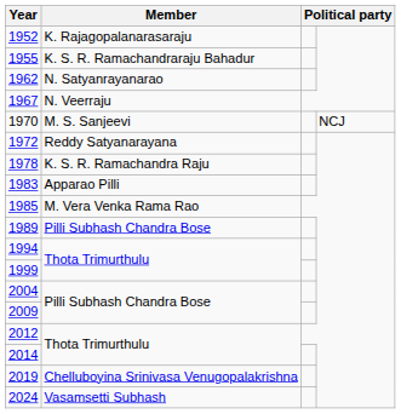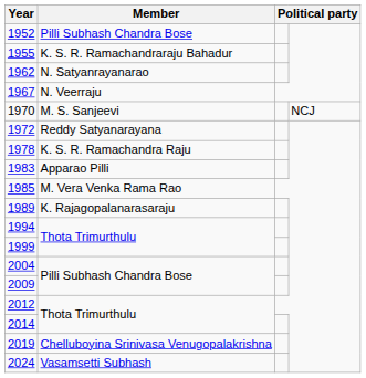 <table class="wikitable sortable">
 <tr>
 <th>Year</th>
 <th>Member</th>
 <th colspan="2">Political party</th>
 </tr>
 <tr>
 <td><a href='#'>1952</a></td>
-<td>K. Rajagopalanarasaraju</td>
+<td><a href='#'>Pilli Subhash Chandra Bose</a></td>
 <td></td>
 </tr>
 <tr>
 <td><a href='#'>1955</a></td>
 <td>K. S. R. Ramachandraraju Bahadur</td>
 <td></td>
 </tr>
 <tr>
 <td><a href='#'>1962</a></td>
 <td>N. Satyanrayanarao</td>
 <td></td>
 </tr>
 <tr>
 <td><a href='#'>1967</a></td>
 <td>N. Veerraju</td>
 </tr>
 <tr>
 <td>1970</td>
 <td>M. S. Sanjeevi</td>
 <td style="background-color: "></td>
 <td>NCJ</td>
 </tr>
 <tr>
 <td><a href='#'>1972</a></td>
 <td>Reddy Satyanarayana</td>
 <td></td>
 </tr>
 <tr>
 <td><a href='#'>1978</a></td>
 <td>K. S. R. Ramachandra Raju</td>
 <td></td>
 </tr>
 <tr>
 <td><a href='#'>1983</a></td>
 <td>Apparao Pilli</td>
 <td></td>
 </tr>
 <tr>
 <td><a href='#'>1985</a></td>
 <td>M. Vera Venka Rama Rao</td>
 </tr>
 <tr>
 <td><a href='#'>1989</a></td>
-<td><a href='#'>Pilli Subhash Chandra Bose</a></td>
+<td>K. Rajagopalanarasaraju</td>
 <td></td>
 </tr>
 <tr>
 <td><a href='#'>1994</a></td>
 <td rowspan=2><a href='#'>Thota Trimurthulu</a></td>
 <td></td>
 </tr>
 <tr>
 <td><a href='#'>1999</a></td>
 <td></td>
 </tr>
 <tr>
 <td><a href='#'>2004</a></td>
 <td rowspan=2>Pilli Subhash Chandra Bose</td>
 <td></td>
 </tr>
 <tr>
 <td><a href='#'>2009</a></td>
 <td></td>
 </tr>
 <tr>
 <td><a href='#'>2012</a></td>
 <td rowspan=2>Thota Trimurthulu</td>
 </tr>
 <tr>
 <td><a href='#'>2014</a></td>
 <td></td>
 </tr>
 <tr>
 <td><a href='#'>2019</a></td>
 <td><a href='#'>Chelluboyina Srinivasa Venugopalakrishna</a></td>
 <td></td>
 </tr>
 <tr>
 <td><a href='#'>2024</a></td>
 <td><a href='#'>Vasamsetti Subhash</a></td>
 <td></td>
 </tr>
 </table>
